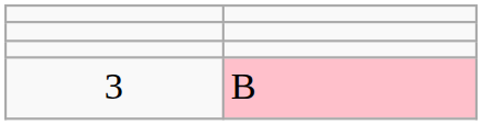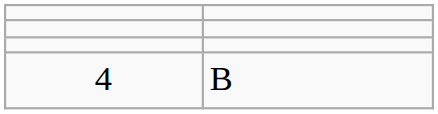 <table class="wikitable" width="200px">
 <tr>
 <td align=center></td>
 <td></td>
 </tr>
 <tr>
 <td align=center></td>
 <td></td>
 </tr>
 <tr>
 <td align=center></td>
 <td></td>
 </tr>
 <tr>
-<td align=center>3</td>
-<td style="background: pink;"> B</td>
+<td align=center>4</td>
+<td> B</td>
 </tr>
 </table>
